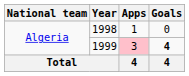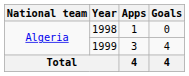 <table class="wikitable" style="text-align:center">
 <tr>
 <th>National team</th>
 <th>Year</th>
 <th>Apps</th>
 <th>Goals</th>
 </tr>
 <tr>
 <td rowspan="2"><a href='#'>Algeria</a></td>
 <td>1998</td>
 <td>1</td>
 <td>0</td>
 </tr>
 <tr>
 <td>1999</td>
-<td style="background: pink;">3</td>
-<td><strong>4</strong></td>
+<td>3</td>
+<td>4</td>
 </tr>
 <tr>
 <th colspan="2">Total</th>
 <th>4</th>
 <th>4</th>
 </tr>
 </table>
